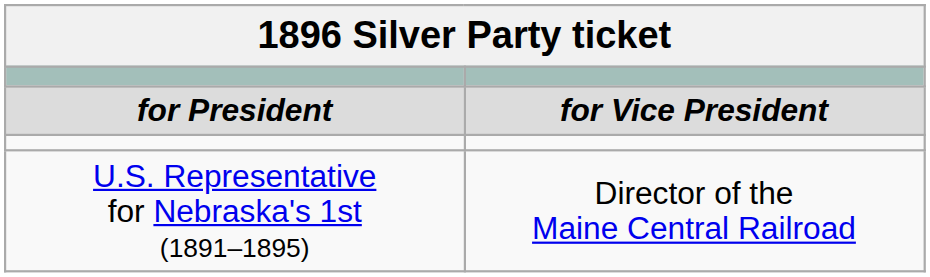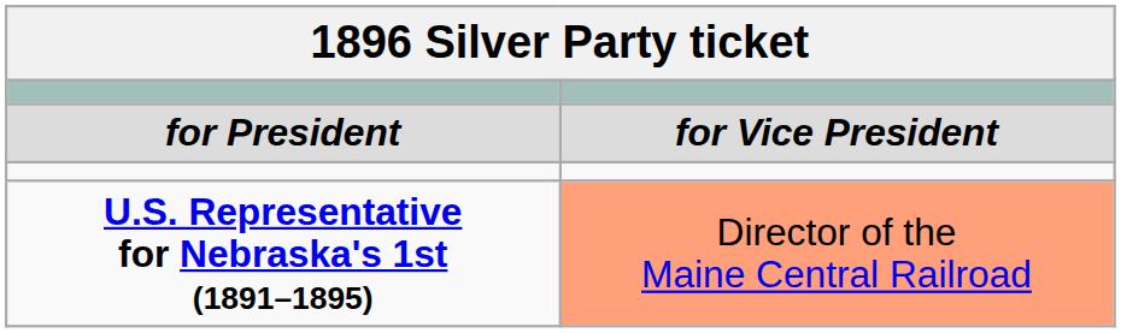 <table class="wikitable" style="font-size:90%; text-align:center;">
 <tr>
 <td style="background:#f1f1f1;" colspan="30"><big><strong>1896 Silver Party ticket</strong></big></td>
 </tr>
 <tr>
 <th style="width:3em; font-size:135%; background:#A3BFBA; width:200px;"><a href='#'></a></th>
 <th style="width:3em; font-size:135%; background:#A3BFBA; width:200px;"><a href='#'></a></th>
 </tr>
 <tr style="color:#000; font-size:100%; background:#DCDCDC;">
 <td style="width:3em; width:200px;"><strong><em>for President</em></strong></td>
 <td style="width:3em; width:200px;"><strong><em>for Vice President</em></strong></td>
 </tr>
 <tr>
 <td></td>
 <td></td>
 </tr>
 <tr>
-<td><a href='#'>U.S. Representative</a><br>for <a href='#'>Nebraska's 1st</a><br><small>(1891–1895)</small></td>
-<td>Director of the<br><a href='#'>Maine Central Railroad</a></td>
+<td><strong><a href='#'>U.S. Representative</a><br>for <a href='#'>Nebraska's 1st</a><br><small>(1891–1895)</small></strong></td>
+<td style="background: lightsalmon;">Director of the<br><a href='#'>Maine Central Railroad</a></td>
 </tr>
 </table>
